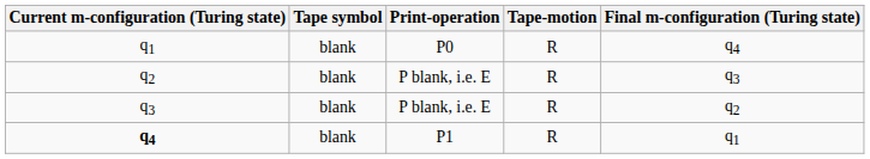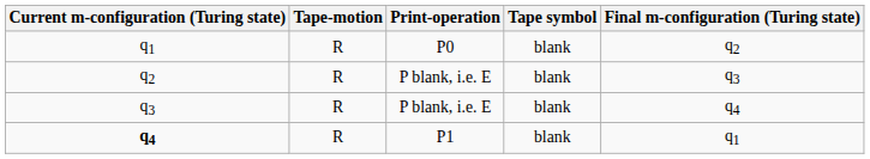 <table class="wikitable" style="text-align:center;">
 <tr>
 <th>Current m-configuration (Turing state)</th>
+<th>Tape-motion</th>
+<th>Print-operation</th>
 <th>Tape symbol</th>
-<th>Print-operation</th>
-<th>Tape-motion</th>
 <th>Final m-configuration (Turing state)</th>
 </tr>
 <tr>
 <td>q<sub>1</sub></td>
+<td>R</td>
+<td>P0</td>
 <td> blank</td>
-<td>P0</td>
-<td>R</td>
-<td>q<sub>4</sub></td>
+<td>q<sub>2</sub></td>
 </tr>
 <tr>
 <td>q<sub>2</sub></td>
+<td>R</td>
+<td>P blank, i.e. E</td>
 <td> blank</td>
-<td>P blank, i.e. E</td>
-<td>R</td>
 <td>q<sub>3</sub></td>
 </tr>
 <tr>
 <td>q<sub>3</sub></td>
+<td>R</td>
+<td>P blank, i.e. E</td>
 <td> blank</td>
-<td>P blank, i.e. E</td>
-<td>R</td>
-<td>q<sub>2</sub></td>
+<td>q<sub>4</sub></td>
 </tr>
 <tr>
 <td><strong>q<sub>4</sub></strong></td>
+<td>R</td>
+<td>P1</td>
 <td> blank</td>
-<td>P1</td>
-<td>R</td>
 <td>q<sub>1</sub></td>
 </tr>
 </table>
